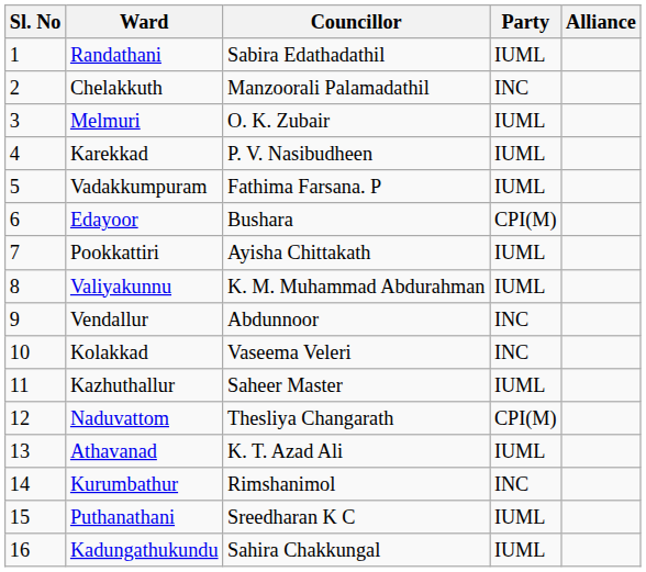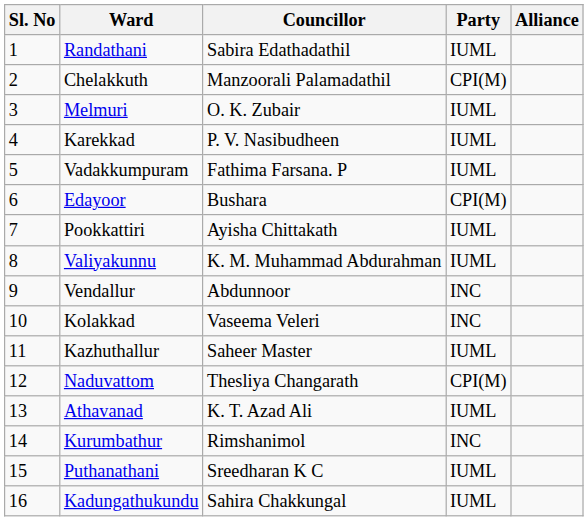 <table class="wikitable sortable" style="font-size: 95%;">
 <tr>
 <th scope="col">Sl. No</th>
 <th scope="col">Ward</th>
 <th scope="col">Councillor</th>
 <th scope="col">Party</th>
 <th scope="col">Alliance</th>
 </tr>
 <tr po>
 <td>1</td>
 <td><a href='#'>Randathani</a></td>
 <td>Sabira Edathadathil</td>
 <td style="background-color:">IUML</td>
 <td></td>
 </tr>
 <tr>
 <td>2</td>
 <td>Chelakkuth</td>
 <td>Manzoorali Palamadathil</td>
-<td style="background-color:">INC</td>
+<td style="background:">CPI(M)</td>
 <td></td>
 </tr>
 <tr>
 <td>3</td>
 <td><a href='#'>Melmuri</a></td>
 <td>O. K. Zubair</td>
 <td style="background-color:">IUML</td>
 <td></td>
 </tr>
 <tr>
 <td>4</td>
 <td>Karekkad</td>
 <td>P. V. Nasibudheen</td>
 <td style="background-color:">IUML</td>
 <td></td>
 </tr>
 <tr>
 <td>5</td>
 <td>Vadakkumpuram</td>
 <td>Fathima Farsana. P</td>
 <td style="background-color:">IUML</td>
 <td></td>
 </tr>
 <tr>
 <td>6</td>
 <td><a href='#'>Edayoor</a></td>
 <td>Bushara</td>
 <td style="background:">CPI(M)</td>
 <td></td>
 </tr>
 <tr>
 <td>7</td>
 <td>Pookkattiri</td>
 <td>Ayisha Chittakath</td>
 <td style="background-color:">IUML</td>
 <td></td>
 </tr>
 <tr>
 <td>8</td>
 <td><a href='#'>Valiyakunnu</a></td>
 <td>K. M. Muhammad Abdurahman</td>
 <td style="background-color:">IUML</td>
 <td></td>
 </tr>
 <tr>
 <td>9</td>
 <td>Vendallur</td>
 <td>Abdunnoor</td>
 <td style="background-color:">INC</td>
 <td></td>
 </tr>
 <tr>
 <td>10</td>
 <td>Kolakkad</td>
 <td>Vaseema Veleri</td>
 <td style="background-color:">INC</td>
 <td></td>
 </tr>
 <tr>
 <td>11</td>
 <td>Kazhuthallur</td>
 <td>Saheer Master</td>
 <td style="background-color:">IUML</td>
 <td></td>
 </tr>
 <tr>
 <td>12</td>
 <td><a href='#'>Naduvattom</a></td>
 <td>Thesliya Changarath</td>
 <td style="background:">CPI(M)</td>
 <td></td>
 </tr>
 <tr>
 <td>13</td>
 <td><a href='#'>Athavanad</a></td>
 <td>K. T. Azad Ali</td>
 <td style="background-color:">IUML</td>
 <td></td>
 </tr>
 <tr>
 <td>14</td>
 <td><a href='#'>Kurumbathur</a></td>
 <td>Rimshanimol</td>
 <td style="background-color:">INC</td>
 <td></td>
 </tr>
 <tr>
 <td>15</td>
 <td><a href='#'>Puthanathani</a></td>
 <td>Sreedharan K C</td>
 <td style="background-color:">IUML</td>
 <td></td>
 </tr>
 <tr>
 <td>16</td>
 <td><a href='#'>Kadungathukundu</a></td>
 <td>Sahira Chakkungal</td>
 <td style="background-color:">IUML</td>
 <td></td>
 </tr>
 </table>
